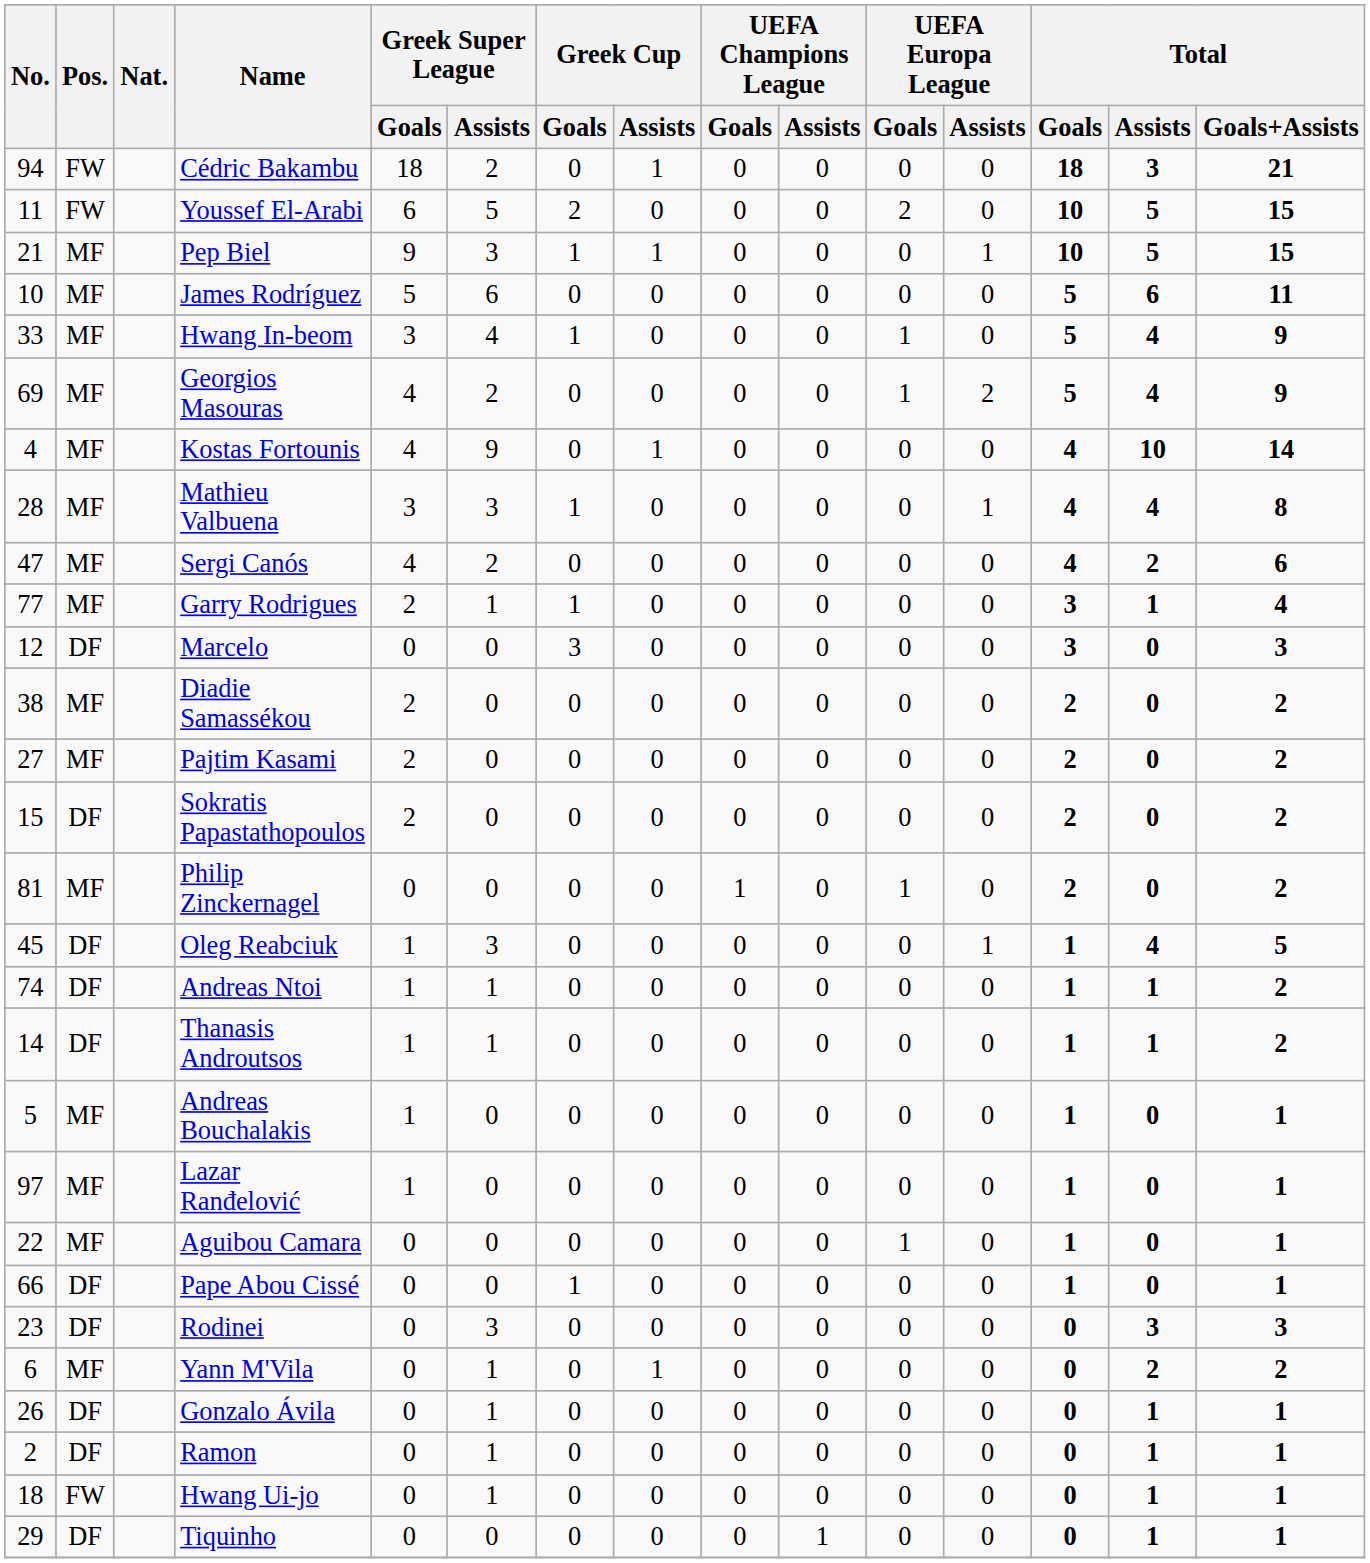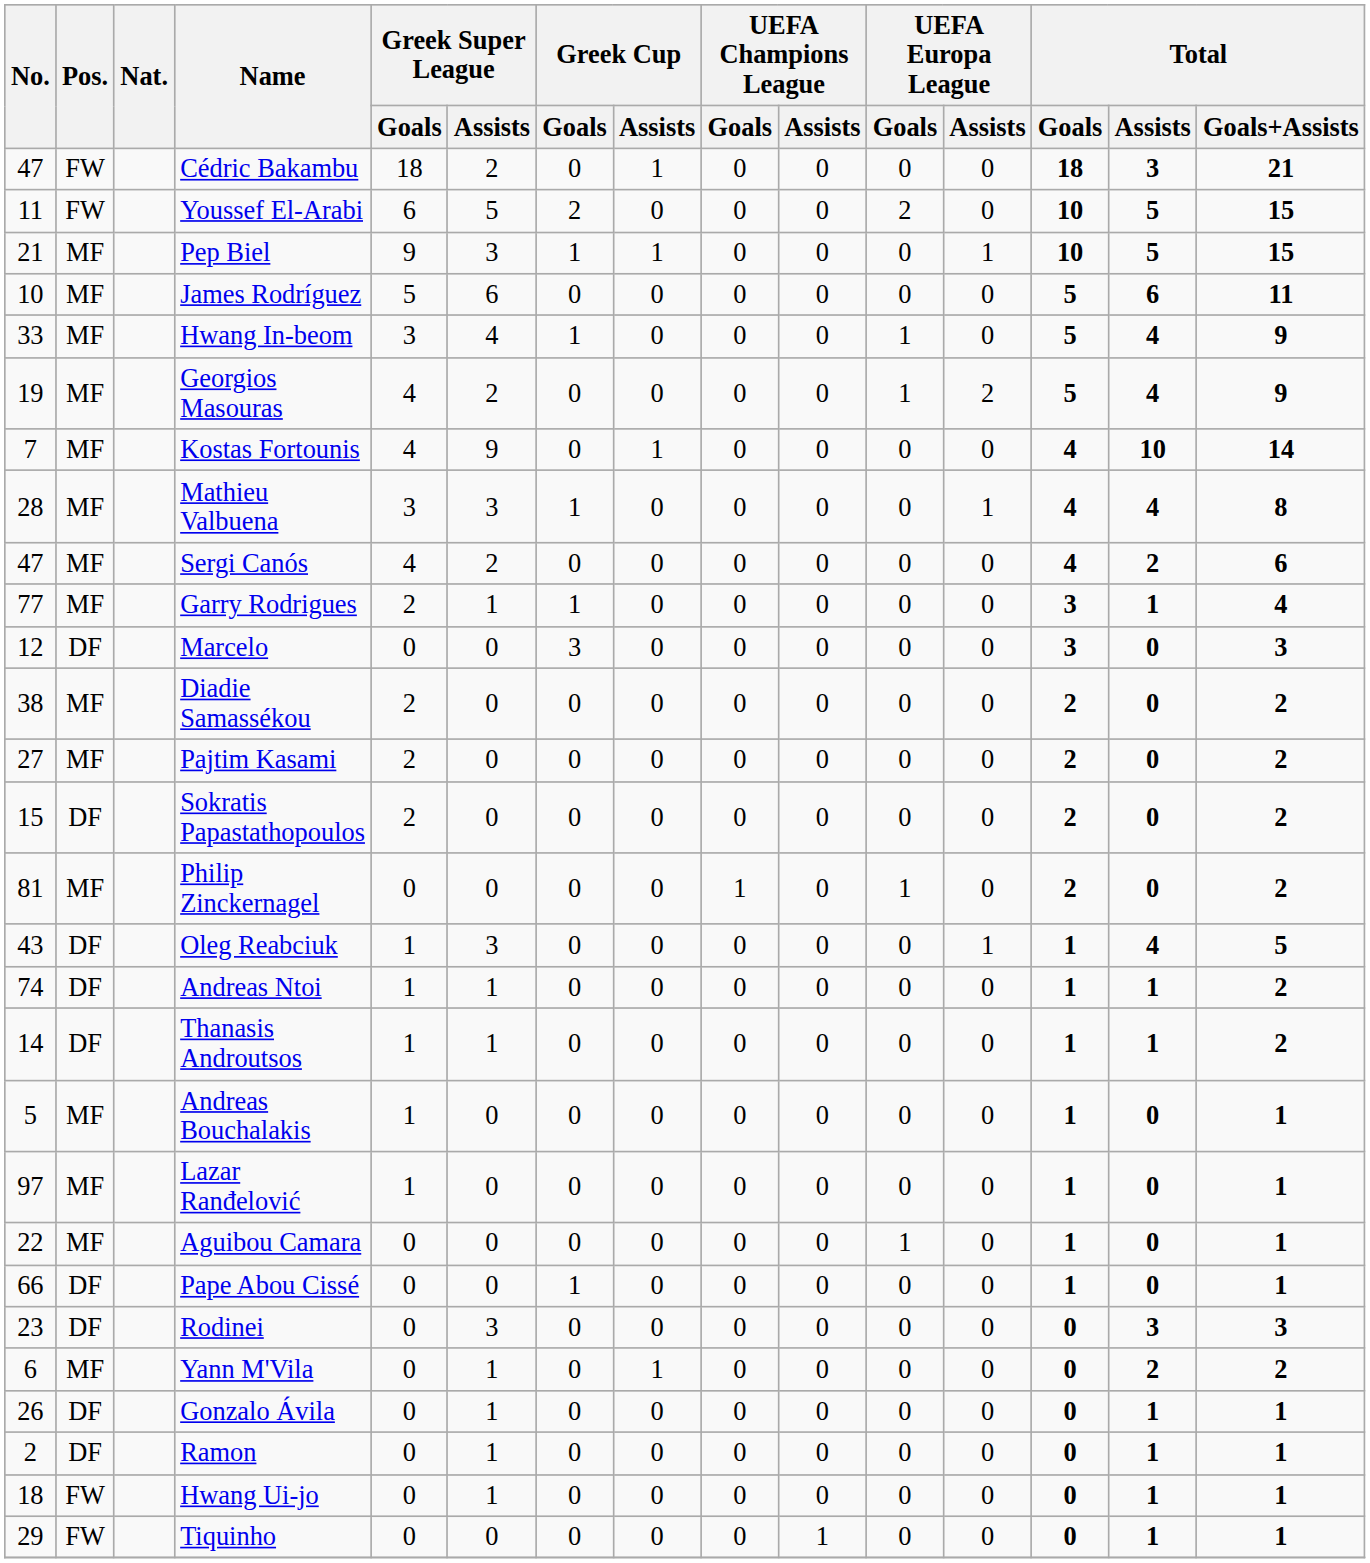 <table class="wikitable sortable" style="text-align:center">
 <tr>
 <th style="text-align:center;" rowspan="2";>No.</th>
 <th style="text-align:center;" rowspan="2";>Pos.</th>
 <th style="text-align:center;" rowspan="2";>Nat.</th>
 <th style="text-align:center; width:200px;" rowspan="2";>Name</th>
 <th style="text-align:center; width:100px;" colspan="2">Greek Super League</th>
 <th style="text-align:center; width:100px;" colspan="2">Greek Cup</th>
 <th style="text-align:center; width:100px;" colspan="2">UEFA Champions League</th>
 <th style="text-align:center; width:100px;" colspan="2">UEFA Europa League</th>
 <th style="text-align:center; width:100px;" colspan="3">Total</th>
 </tr>
 <tr>
 <th style="text-align:center;">Goals</th>
 <th style="text-align:center;">Assists</th>
 <th style="text-align:center;">Goals</th>
 <th style="text-align:center;">Assists</th>
 <th style="text-align:center;">Goals</th>
 <th style="text-align:center;">Assists</th>
 <th style="text-align:center;">Goals</th>
 <th style="text-align:center;">Assists</th>
 <th style="text-align:center;">Goals</th>
 <th style="text-align:center;">Assists</th>
 <th style="text-align:center;">Goals+Assists</th>
 </tr>
 <tr>
-<td>94</td>
+<td>47</td>
 <td>FW</td>
 <td></td>
 <td align=left><a href='#'>Cédric Bakambu</a></td>
 <td>18</td>
 <td>2</td>
 <td>0</td>
 <td>1</td>
 <td>0</td>
 <td>0</td>
 <td>0</td>
 <td>0</td>
 <td><strong>18</strong></td>
 <td><strong>3</strong></td>
 <td><strong>21</strong></td>
 </tr>
 <tr>
 <td>11</td>
 <td>FW</td>
 <td></td>
 <td align=left><a href='#'>Youssef El-Arabi</a></td>
 <td>6</td>
 <td>5</td>
 <td>2</td>
 <td>0</td>
 <td>0</td>
 <td>0</td>
 <td>2</td>
 <td>0</td>
 <td><strong>10</strong></td>
 <td><strong>5</strong></td>
 <td><strong>15</strong></td>
 </tr>
 <tr>
 <td>21</td>
 <td>MF</td>
 <td></td>
 <td align=left><a href='#'>Pep Biel</a></td>
 <td>9</td>
 <td>3</td>
 <td>1</td>
 <td>1</td>
 <td>0</td>
 <td>0</td>
 <td>0</td>
 <td>1</td>
 <td><strong>10</strong></td>
 <td><strong>5</strong></td>
 <td><strong>15</strong></td>
 </tr>
 <tr>
 <td>10</td>
 <td>MF</td>
 <td></td>
 <td align=left><a href='#'>James Rodríguez</a></td>
 <td>5</td>
 <td>6</td>
 <td>0</td>
 <td>0</td>
 <td>0</td>
 <td>0</td>
 <td>0</td>
 <td>0</td>
 <td><strong>5</strong></td>
 <td><strong>6</strong></td>
 <td><strong>11</strong></td>
 </tr>
 <tr>
 <td>33</td>
 <td>MF</td>
 <td></td>
 <td align=left><a href='#'>Hwang In-beom</a></td>
 <td>3</td>
 <td>4</td>
 <td>1</td>
 <td>0</td>
 <td>0</td>
 <td>0</td>
 <td>1</td>
 <td>0</td>
 <td><strong>5</strong></td>
 <td><strong>4</strong></td>
 <td><strong>9</strong></td>
 </tr>
 <tr>
-<td>69</td>
+<td>19</td>
 <td>MF</td>
 <td></td>
 <td align=left><a href='#'>Georgios Masouras</a></td>
 <td>4</td>
 <td>2</td>
 <td>0</td>
 <td>0</td>
 <td>0</td>
 <td>0</td>
 <td>1</td>
 <td>2</td>
 <td><strong>5</strong></td>
 <td><strong>4</strong></td>
 <td><strong>9</strong></td>
 </tr>
 <tr>
-<td>4</td>
+<td>7</td>
 <td>MF</td>
 <td></td>
 <td align=left><a href='#'>Kostas Fortounis</a></td>
 <td>4</td>
 <td>9</td>
 <td>0</td>
 <td>1</td>
 <td>0</td>
 <td>0</td>
 <td>0</td>
 <td>0</td>
 <td><strong>4</strong></td>
 <td><strong>10</strong></td>
 <td><strong>14</strong></td>
 </tr>
 <tr>
 <td>28</td>
 <td>MF</td>
 <td></td>
 <td align=left><a href='#'>Mathieu Valbuena</a></td>
 <td>3</td>
 <td>3</td>
 <td>1</td>
 <td>0</td>
 <td>0</td>
 <td>0</td>
 <td>0</td>
 <td>1</td>
 <td><strong>4</strong></td>
 <td><strong>4</strong></td>
 <td><strong>8</strong></td>
 </tr>
 <tr>
 <td>47</td>
 <td>MF</td>
 <td></td>
 <td align=left><a href='#'>Sergi Canós</a></td>
 <td>4</td>
 <td>2</td>
 <td>0</td>
 <td>0</td>
 <td>0</td>
 <td>0</td>
 <td>0</td>
 <td>0</td>
 <td><strong>4</strong></td>
 <td><strong>2</strong></td>
 <td><strong>6</strong></td>
 </tr>
 <tr>
 <td>77</td>
 <td>MF</td>
 <td></td>
 <td align=left><a href='#'>Garry Rodrigues</a></td>
 <td>2</td>
 <td>1</td>
 <td>1</td>
 <td>0</td>
 <td>0</td>
 <td>0</td>
 <td>0</td>
 <td>0</td>
 <td><strong>3</strong></td>
 <td><strong>1</strong></td>
 <td><strong>4</strong></td>
 </tr>
 <tr>
 <td>12</td>
 <td>DF</td>
 <td></td>
 <td align=left><a href='#'>Marcelo</a></td>
 <td>0</td>
 <td>0</td>
 <td>3</td>
 <td>0</td>
 <td>0</td>
 <td>0</td>
 <td>0</td>
 <td>0</td>
 <td><strong>3</strong></td>
 <td><strong>0</strong></td>
 <td><strong>3</strong></td>
 </tr>
 <tr>
 <td>38</td>
 <td>MF</td>
 <td></td>
 <td align=left><a href='#'>Diadie Samassékou</a></td>
 <td>2</td>
 <td>0</td>
 <td>0</td>
 <td>0</td>
 <td>0</td>
 <td>0</td>
 <td>0</td>
 <td>0</td>
 <td><strong>2</strong></td>
 <td><strong>0</strong></td>
 <td><strong>2</strong></td>
 </tr>
 <tr>
 <td>27</td>
 <td>MF</td>
 <td></td>
 <td align=left><a href='#'>Pajtim Kasami</a></td>
 <td>2</td>
 <td>0</td>
 <td>0</td>
 <td>0</td>
 <td>0</td>
 <td>0</td>
 <td>0</td>
 <td>0</td>
 <td><strong>2</strong></td>
 <td><strong>0</strong></td>
 <td><strong>2</strong></td>
 </tr>
 <tr>
 <td>15</td>
 <td>DF</td>
 <td></td>
 <td align=left><a href='#'>Sokratis Papastathopoulos</a></td>
 <td>2</td>
 <td>0</td>
 <td>0</td>
 <td>0</td>
 <td>0</td>
 <td>0</td>
 <td>0</td>
 <td>0</td>
 <td><strong>2</strong></td>
 <td><strong>0</strong></td>
 <td><strong>2</strong></td>
 </tr>
 <tr>
 <td>81</td>
 <td>MF</td>
 <td></td>
 <td align=left><a href='#'>Philip Zinckernagel</a></td>
 <td>0</td>
 <td>0</td>
 <td>0</td>
 <td>0</td>
 <td>1</td>
 <td>0</td>
 <td>1</td>
 <td>0</td>
 <td><strong>2</strong></td>
 <td><strong>0</strong></td>
 <td><strong>2</strong></td>
 </tr>
 <tr>
-<td>45</td>
+<td>43</td>
 <td>DF</td>
 <td></td>
 <td align=left><a href='#'>Oleg Reabciuk</a></td>
 <td>1</td>
 <td>3</td>
 <td>0</td>
 <td>0</td>
 <td>0</td>
 <td>0</td>
 <td>0</td>
 <td>1</td>
 <td><strong>1</strong></td>
 <td><strong>4</strong></td>
 <td><strong>5</strong></td>
 </tr>
 <tr>
 <td>74</td>
 <td>DF</td>
 <td></td>
 <td align=left><a href='#'>Andreas Ntoi</a></td>
 <td>1</td>
 <td>1</td>
 <td>0</td>
 <td>0</td>
 <td>0</td>
 <td>0</td>
 <td>0</td>
 <td>0</td>
 <td><strong>1</strong></td>
 <td><strong>1</strong></td>
 <td><strong>2</strong></td>
 </tr>
 <tr>
 <td>14</td>
 <td>DF</td>
 <td></td>
 <td align=left><a href='#'>Thanasis Androutsos</a></td>
 <td>1</td>
 <td>1</td>
 <td>0</td>
 <td>0</td>
 <td>0</td>
 <td>0</td>
 <td>0</td>
 <td>0</td>
 <td><strong>1</strong></td>
 <td><strong>1</strong></td>
 <td><strong>2</strong></td>
 </tr>
 <tr>
 <td>5</td>
 <td>MF</td>
 <td></td>
 <td align=left><a href='#'>Andreas Bouchalakis</a></td>
 <td>1</td>
 <td>0</td>
 <td>0</td>
 <td>0</td>
 <td>0</td>
 <td>0</td>
 <td>0</td>
 <td>0</td>
 <td><strong>1</strong></td>
 <td><strong>0</strong></td>
 <td><strong>1</strong></td>
 </tr>
 <tr>
 <td>97</td>
 <td>MF</td>
 <td></td>
 <td align=left><a href='#'>Lazar Ranđelović</a></td>
 <td>1</td>
 <td>0</td>
 <td>0</td>
 <td>0</td>
 <td>0</td>
 <td>0</td>
 <td>0</td>
 <td>0</td>
 <td><strong>1</strong></td>
 <td><strong>0</strong></td>
 <td><strong>1</strong></td>
 </tr>
 <tr>
 <td>22</td>
 <td>MF</td>
 <td></td>
 <td align=left><a href='#'>Aguibou Camara</a></td>
 <td>0</td>
 <td>0</td>
 <td>0</td>
 <td>0</td>
 <td>0</td>
 <td>0</td>
 <td>1</td>
 <td>0</td>
 <td><strong>1</strong></td>
 <td><strong>0</strong></td>
 <td><strong>1</strong></td>
 </tr>
 <tr>
 <td>66</td>
 <td>DF</td>
 <td></td>
 <td align=left><a href='#'>Pape Abou Cissé</a></td>
 <td>0</td>
 <td>0</td>
 <td>1</td>
 <td>0</td>
 <td>0</td>
 <td>0</td>
 <td>0</td>
 <td>0</td>
 <td><strong>1</strong></td>
 <td><strong>0</strong></td>
 <td><strong>1</strong></td>
 </tr>
 <tr>
 <td>23</td>
 <td>DF</td>
 <td></td>
 <td align=left><a href='#'>Rodinei</a></td>
 <td>0</td>
 <td>3</td>
 <td>0</td>
 <td>0</td>
 <td>0</td>
 <td>0</td>
 <td>0</td>
 <td>0</td>
 <td><strong>0</strong></td>
 <td><strong>3</strong></td>
 <td><strong>3</strong></td>
 </tr>
 <tr>
 <td>6</td>
 <td>MF</td>
 <td></td>
 <td align=left><a href='#'>Yann M'Vila</a></td>
 <td>0</td>
 <td>1</td>
 <td>0</td>
 <td>1</td>
 <td>0</td>
 <td>0</td>
 <td>0</td>
 <td>0</td>
 <td><strong>0</strong></td>
 <td><strong>2</strong></td>
 <td><strong>2</strong></td>
 </tr>
 <tr>
 <td>26</td>
 <td>DF</td>
 <td></td>
 <td align=left><a href='#'>Gonzalo Ávila</a></td>
 <td>0</td>
 <td>1</td>
 <td>0</td>
 <td>0</td>
 <td>0</td>
 <td>0</td>
 <td>0</td>
 <td>0</td>
 <td><strong>0</strong></td>
 <td><strong>1</strong></td>
 <td><strong>1</strong></td>
 </tr>
 <tr>
 <td>2</td>
 <td>DF</td>
 <td></td>
 <td align=left><a href='#'>Ramon</a></td>
 <td>0</td>
 <td>1</td>
 <td>0</td>
 <td>0</td>
 <td>0</td>
 <td>0</td>
 <td>0</td>
 <td>0</td>
 <td><strong>0</strong></td>
 <td><strong>1</strong></td>
 <td><strong>1</strong></td>
 </tr>
 <tr>
 <td>18</td>
 <td>FW</td>
 <td></td>
 <td align=left><a href='#'>Hwang Ui-jo</a></td>
 <td>0</td>
 <td>1</td>
 <td>0</td>
 <td>0</td>
 <td>0</td>
 <td>0</td>
 <td>0</td>
 <td>0</td>
 <td><strong>0</strong></td>
 <td><strong>1</strong></td>
 <td><strong>1</strong></td>
 </tr>
 <tr>
 <td>29</td>
-<td>DF</td>
+<td>FW</td>
 <td></td>
 <td align=left><a href='#'>Tiquinho</a></td>
 <td>0</td>
 <td>0</td>
 <td>0</td>
 <td>0</td>
 <td>0</td>
 <td>1</td>
 <td>0</td>
 <td>0</td>
 <td><strong>0</strong></td>
 <td><strong>1</strong></td>
 <td><strong>1</strong></td>
 </tr>
 <tr>
 </tr>
 </table>
